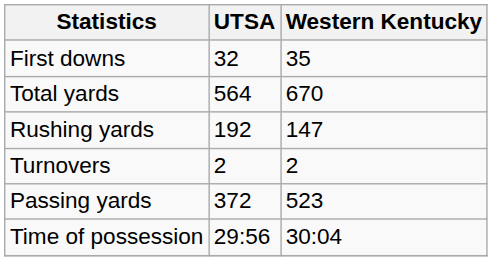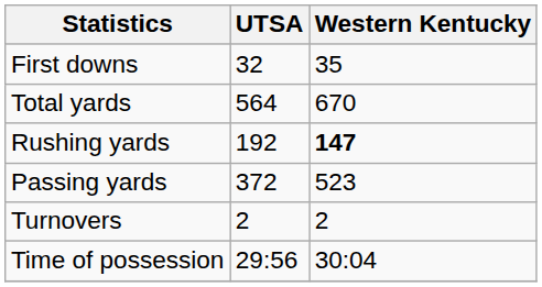 <table class="wikitable">
 <tr>
 <th>Statistics</th>
 <th>UTSA</th>
 <th>Western Kentucky</th>
 </tr>
 <tr>
 <td>First downs</td>
 <td>32</td>
 <td>35</td>
 </tr>
 <tr>
 <td>Total yards</td>
 <td>564</td>
 <td>670</td>
 </tr>
 <tr>
 <td>Rushing yards</td>
 <td>192</td>
-<td>147</td>
+<td><strong>147</strong></td>
+</tr>
+<tr>
+<td>Passing yards</td>
+<td>372</td>
+<td>523</td>
 </tr>
 <tr>
 <td>Turnovers</td>
 <td>2</td>
 <td>2</td>
-</tr>
-<tr>
-<td>Passing yards</td>
-<td>372</td>
-<td>523</td>
 </tr>
 <tr>
 <td>Time of possession</td>
 <td>29:56</td>
 <td>30:04</td>
 </tr>
 <tr>
 </tr>
 </table>
